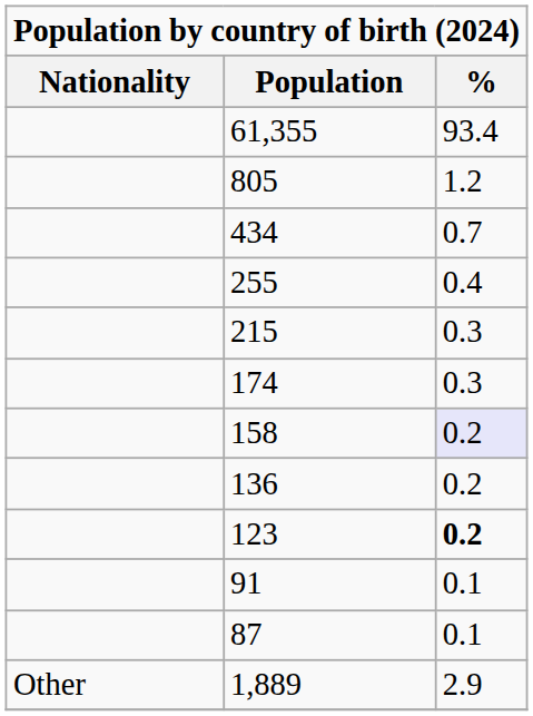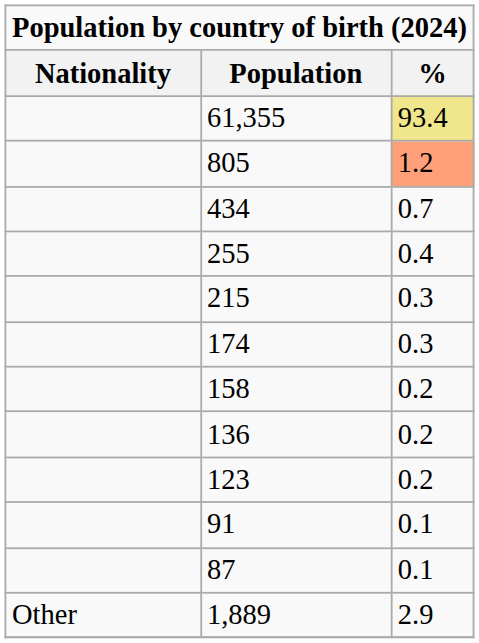 <table class="wikitable" style="float:right;">
 <tr>
 <td colspan="3"><strong>Population by country of birth (2024)</strong></td>
 </tr>
 <tr \>
 <th>Nationality</th>
 <th>Population</th>
 <th>%</th>
 </tr>
 <tr>
 <td></td>
 <td>61,355</td>
-<td>93.4</td>
+<td style="background: khaki;">93.4</td>
 </tr>
 <tr>
 <td></td>
 <td>805</td>
-<td>1.2</td>
+<td style="background: lightsalmon;">1.2</td>
 </tr>
 <tr>
 <td></td>
 <td>434</td>
 <td>0.7</td>
 </tr>
 <tr>
 <td></td>
 <td>255</td>
 <td>0.4</td>
 </tr>
 <tr>
 <td></td>
 <td>215</td>
 <td>0.3</td>
 </tr>
 <tr>
 <td></td>
 <td>174</td>
 <td>0.3</td>
 </tr>
 <tr>
 <td></td>
 <td>158</td>
-<td style="background: lavender;">0.2</td>
+<td>0.2</td>
 </tr>
 <tr>
 <td></td>
 <td>136</td>
 <td>0.2</td>
 </tr>
 <tr>
 <td></td>
 <td>123</td>
-<td><strong>0.2</strong></td>
+<td>0.2</td>
 </tr>
 <tr>
 <td></td>
 <td>91</td>
 <td>0.1</td>
 </tr>
 <tr>
 <td></td>
 <td>87</td>
 <td>0.1</td>
 </tr>
 <tr>
 <td>Other</td>
 <td>1,889</td>
 <td>2.9</td>
 </tr>
 <tr>
 </tr>
 </table>
